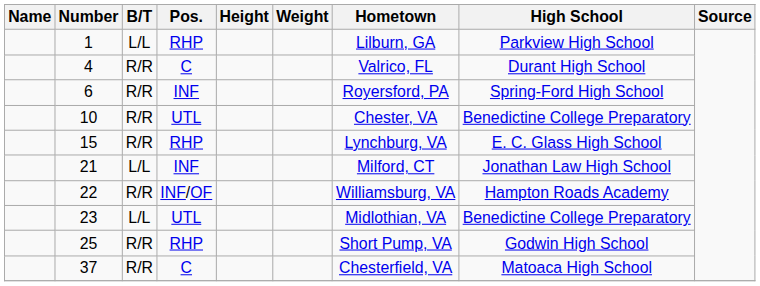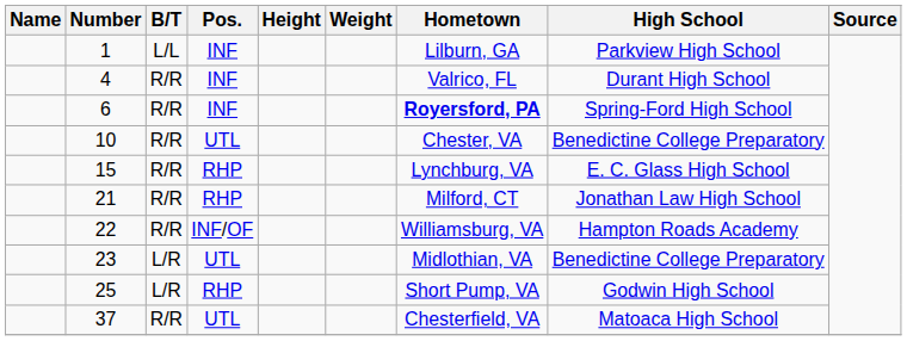 <table class="wikitable sortable">
 <tr>
 </tr>
 <tr>
 <th style="text-align:center; ">Name</th>
 <th style="text-align:center; ">Number</th>
 <th style="text-align:center; ">B/T</th>
 <th style="text-align:center; ">Pos.</th>
 <th style="text-align:center; ">Height</th>
 <th style="text-align:center; ">Weight</th>
 <th style="text-align:center; ">Hometown</th>
 <th style="text-align:center; ">High School</th>
 <th style="text-align:center;  ">Source</th>
 </tr>
 <tr align="center">
 <td></td>
 <td>1</td>
 <td>L/L</td>
-<td><a href='#'>RHP</a></td>
+<td><a href='#'>INF</a></td>
 <td></td>
 <td></td>
 <td><a href='#'>Lilburn, GA</a></td>
 <td><a href='#'>Parkview High School</a></td>
 <td rowspan="10"></td>
 </tr>
 <tr align="center">
 <td></td>
 <td>4</td>
 <td>R/R</td>
-<td><a href='#'>C</a></td>
+<td><a href='#'>INF</a></td>
 <td></td>
 <td></td>
 <td><a href='#'>Valrico, FL</a></td>
 <td><a href='#'>Durant High School</a></td>
 </tr>
 <tr align="center">
 <td></td>
 <td>6</td>
 <td>R/R</td>
 <td><a href='#'>INF</a></td>
 <td></td>
 <td></td>
-<td><a href='#'>Royersford, PA</a></td>
+<td><strong><a href='#'>Royersford, PA</a></strong></td>
 <td><a href='#'>Spring-Ford High School</a></td>
 </tr>
 <tr align="center">
 <td></td>
 <td>10</td>
 <td>R/R</td>
 <td><a href='#'>UTL</a></td>
 <td></td>
 <td></td>
 <td><a href='#'>Chester, VA</a></td>
 <td><a href='#'>Benedictine College Preparatory</a></td>
 </tr>
 <tr align="center">
 <td></td>
 <td>15</td>
 <td>R/R</td>
 <td><a href='#'>RHP</a></td>
 <td></td>
 <td></td>
 <td><a href='#'>Lynchburg, VA</a></td>
 <td><a href='#'>E. C. Glass High School</a></td>
 </tr>
 <tr align="center">
 <td></td>
 <td>21</td>
-<td>L/L</td>
-<td><a href='#'>INF</a></td>
+<td>R/R</td>
+<td><a href='#'>RHP</a></td>
 <td></td>
 <td></td>
 <td><a href='#'>Milford, CT</a></td>
 <td><a href='#'>Jonathan Law High School</a></td>
 </tr>
 <tr align="center">
 <td></td>
 <td>22</td>
 <td>R/R</td>
 <td><a href='#'>INF</a>/<a href='#'>OF</a></td>
 <td></td>
 <td></td>
 <td><a href='#'>Williamsburg, VA</a></td>
 <td><a href='#'>Hampton Roads Academy</a></td>
 </tr>
 <tr align="center">
 <td></td>
 <td>23</td>
-<td>L/L</td>
+<td>L/R</td>
 <td><a href='#'>UTL</a></td>
 <td></td>
 <td></td>
 <td><a href='#'>Midlothian, VA</a></td>
 <td><a href='#'>Benedictine College Preparatory</a></td>
 </tr>
 <tr align="center">
 <td></td>
 <td>25</td>
-<td>R/R</td>
+<td>L/R</td>
 <td><a href='#'>RHP</a></td>
 <td></td>
 <td></td>
 <td><a href='#'>Short Pump, VA</a></td>
 <td><a href='#'>Godwin High School</a></td>
 </tr>
 <tr align="center">
 <td></td>
 <td>37</td>
 <td>R/R</td>
-<td><a href='#'>C</a></td>
+<td><a href='#'>UTL</a></td>
 <td></td>
 <td></td>
 <td><a href='#'>Chesterfield, VA</a></td>
 <td><a href='#'>Matoaca High School</a></td>
 </tr>
 <tr>
 </tr>
 </table>
